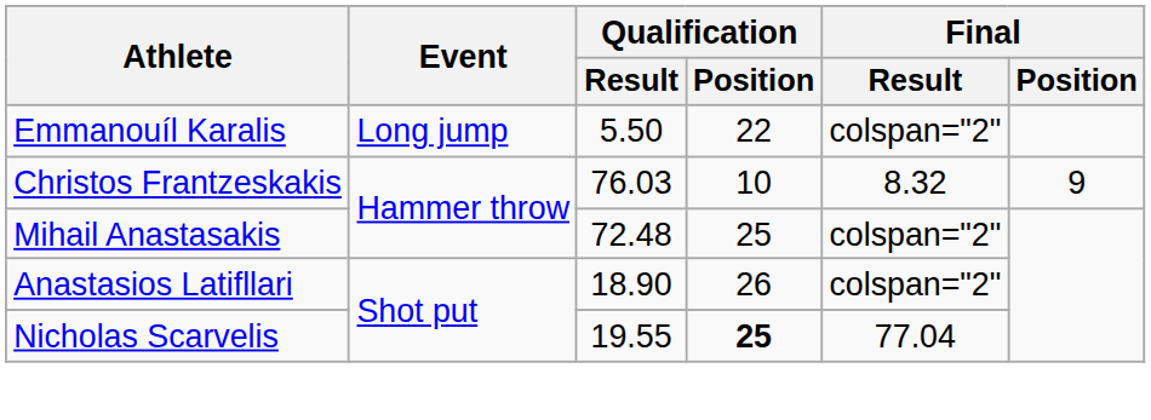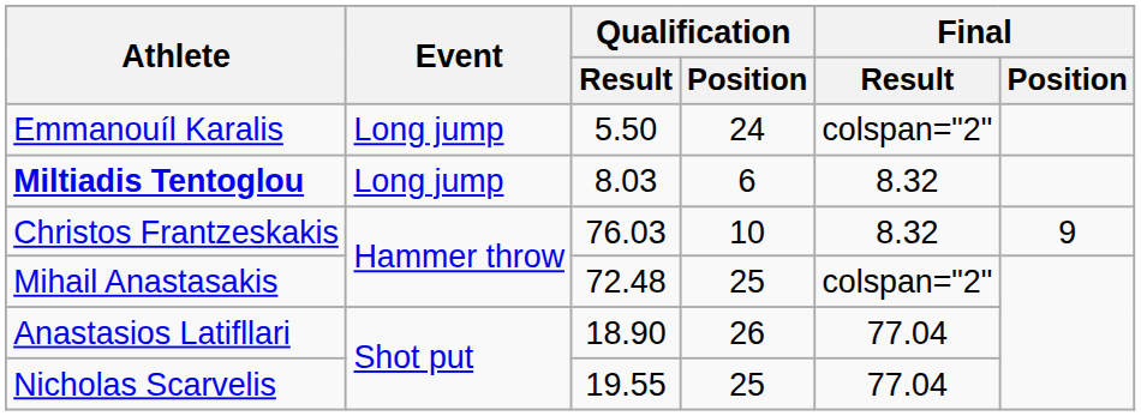 <table class=wikitable style="font-size:90%">
 <tr>
 <th rowspan="2">Athlete</th>
 <th rowspan="2">Event</th>
 <th colspan="2">Qualification</th>
 <th colspan="2">Final</th>
 </tr>
 <tr style="font-size:95%">
 <th>Result</th>
 <th>Position</th>
 <th>Result</th>
 <th>Position</th>
 </tr>
 <tr style=text-align:center>
 <td style=text-align:left><a href='#'>Emmanouíl Karalis</a></td>
 <td style=text-align:left><a href='#'>Long jump</a></td>
 <td>5.50</td>
-<td>22</td>
+<td>24</td>
 <td>colspan="2" </td>
+</tr>
+<tr style=text-align:center>
+<td style=text-align:left><strong><a href='#'>Miltiadis Tentoglou</a></strong></td>
+<td style=text-align:left><a href='#'>Long jump</a></td>
+<td>8.03</td>
+<td>6</td>
+<td>8.32</td>
+<td></td>
 </tr>
 <tr style=text-align:center>
 <td style=text-align:left><a href='#'>Christos Frantzeskakis</a></td>
 <td style=text-align:left rowspan=2><a href='#'>Hammer throw</a></td>
 <td>76.03</td>
 <td>10</td>
 <td>8.32</td>
 <td>9</td>
 </tr>
 <tr style=text-align:center>
 <td style=text-align:left><a href='#'>Mihail Anastasakis</a></td>
 <td>72.48</td>
 <td>25</td>
 <td>colspan="2" </td>
 </tr>
 <tr style=text-align:center>
 <td style=text-align:left><a href='#'>Anastasios Latifllari</a></td>
 <td style=text-align:left rowspan=2><a href='#'>Shot put</a></td>
 <td>18.90</td>
 <td>26</td>
-<td>colspan="2" </td>
+<td>77.04</td>
 </tr>
 <tr style=text-align:center>
 <td style=text-align:left><a href='#'>Nicholas Scarvelis</a></td>
 <td>19.55</td>
-<td><strong>25</strong></td>
+<td>25</td>
 <td>77.04</td>
 </tr>
 </table>
